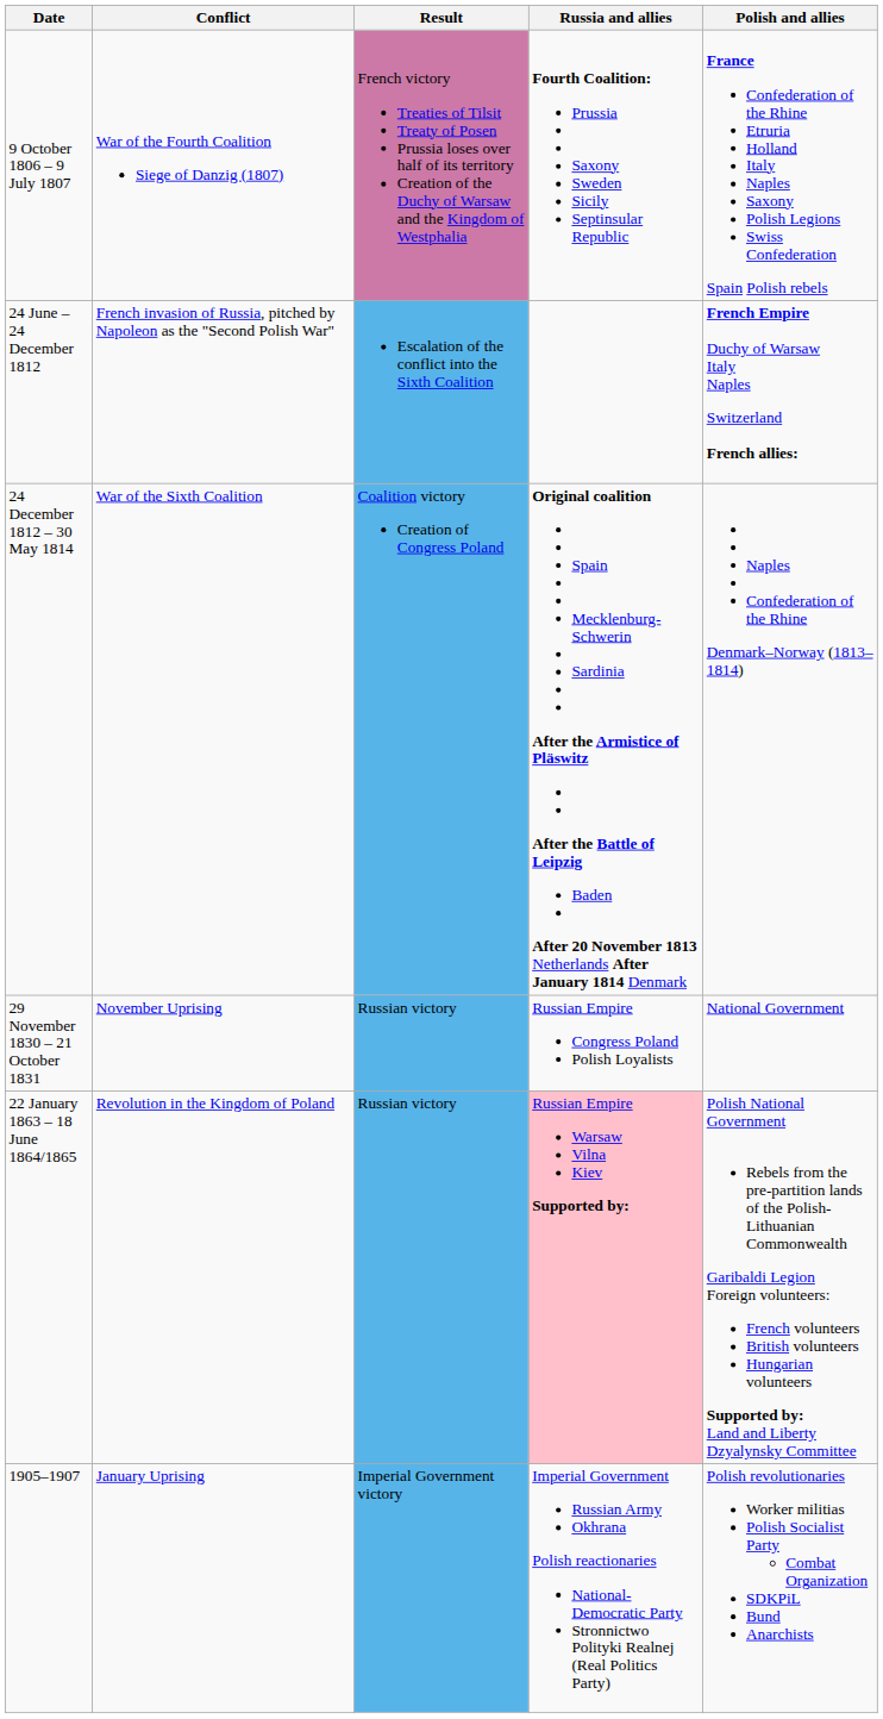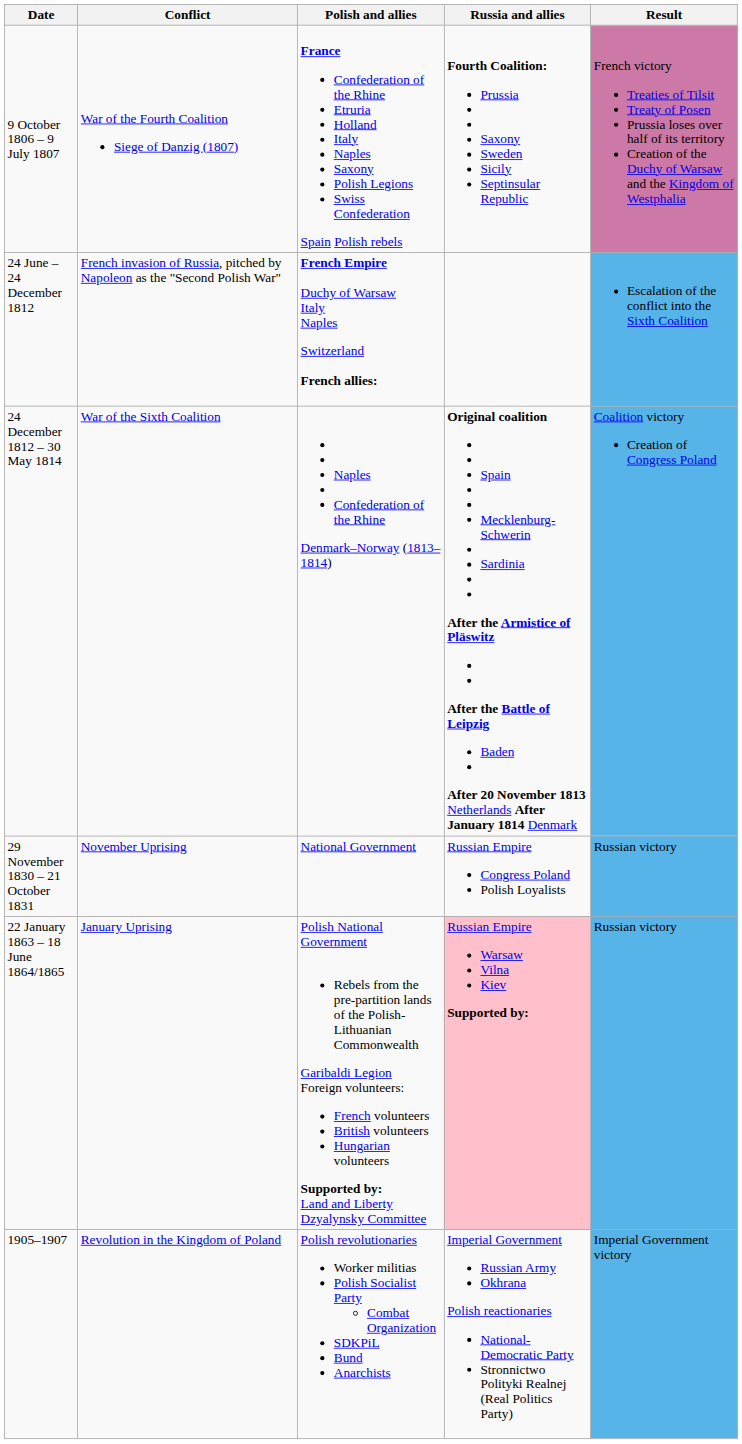 <table class="wikitable sortable" width="100%">
 <tr>
 <th width="10%">Date</th>
 <th width="30%">Conflict</th>
+<th width="20%">Polish and allies</th>
+<th width="20%">Russia and allies</th>
 <th width="20%">Result</th>
-<th width="20%">Russia and allies</th>
-<th width="20%">Polish and allies</th>
 </tr>
 <tr>
 <td>9 October 1806 – 9 July 1807</td>
 <td><a href='#'>War of the Fourth Coalition</a><br><ul><li><a href='#'>Siege of Danzig (1807)</a></li></ul></td>
+<td><br> <strong><a href='#'>France</a></strong><ul><li><a href='#'>Confederation of the Rhine</a></li><li> <a href='#'>Etruria</a></li><li> <a href='#'>Holland</a></li><li> <a href='#'>Italy</a></li><li> <a href='#'>Naples</a></li><li> <a href='#'>Saxony</a> <br></li><li> <a href='#'>Polish Legions</a></li><li> <a href='#'>Swiss Confederation</a></li></ul> <a href='#'>Spain</a> <a href='#'>Polish rebels</a></td>
+<td><strong>Fourth Coalition:</strong><br><ul><li> <a href='#'>Prussia</a></li><li></li><li></li><li> <a href='#'>Saxony</a><br></li><li> <a href='#'>Sweden</a></li><li> <a href='#'>Sicily</a></li><li><a href='#'>Septinsular Republic</a><br></li></ul></td>
 <td bgcolor="#CC79A7">French victory<br><ul><li><a href='#'>Treaties of Tilsit</a></li><li><a href='#'>Treaty of Posen</a></li><li>Prussia loses over half of its territory</li><li>Creation of the <a href='#'>Duchy of Warsaw</a> and the <a href='#'>Kingdom of Westphalia</a></li></ul></td>
-<td><strong>Fourth Coalition:</strong><br><ul><li> <a href='#'>Prussia</a></li><li></li><li></li><li> <a href='#'>Saxony</a><br></li><li> <a href='#'>Sweden</a></li><li> <a href='#'>Sicily</a></li><li><a href='#'>Septinsular Republic</a><br></li></ul></td>
-<td><br> <strong><a href='#'>France</a></strong><ul><li><a href='#'>Confederation of the Rhine</a></li><li> <a href='#'>Etruria</a></li><li> <a href='#'>Holland</a></li><li> <a href='#'>Italy</a></li><li> <a href='#'>Naples</a></li><li> <a href='#'>Saxony</a> <br></li><li> <a href='#'>Polish Legions</a></li><li> <a href='#'>Swiss Confederation</a></li></ul> <a href='#'>Spain</a> <a href='#'>Polish rebels</a></td>
 </tr>
 <tr valign="top">
 <td>24 June – 24 December 1812</td>
 <td><a href='#'>French invasion of Russia</a>, pitched by <a href='#'>Napoleon</a> as the "Second Polish War"</td>
+<td> <strong><a href='#'>French Empire</a></strong><br><br> <a href='#'>Duchy of Warsaw</a><br>  <a href='#'>Italy</a><br>  <a href='#'>Naples</a><br> </p>  <a href='#'>Switzerland</a> <br>  <br> <strong>French allies:</strong><br><br></td>
+<td> <br> </td>
 <td bgcolor="#56B4E9"><br><ul><li>Escalation of the conflict into the <a href='#'>Sixth Coalition</a></li></ul></td>
-<td> <br> </td>
-<td> <strong><a href='#'>French Empire</a></strong><br><br> <a href='#'>Duchy of Warsaw</a><br>  <a href='#'>Italy</a><br>  <a href='#'>Naples</a><br> </p>  <a href='#'>Switzerland</a> <br>  <br> <strong>French allies:</strong><br><br></td>
 </tr>
 <tr valign="top">
 <td>24 December 1812 – 30 May 1814</td>
 <td><a href='#'>War of the Sixth Coalition</a></td>
+<td><br><ul><li></li><li></li><li> <a href='#'>Naples</a></li><li></li><li><a href='#'>Confederation of the Rhine</a></li></ul> <a href='#'>Denmark–Norway</a> (<a href='#'>1813–1814</a>)</td>
+<td><strong>Original coalition</strong> <br><ul><li></li><li></li><li> <a href='#'>Spain</a></li><li></li><li></li><li> <a href='#'>Mecklenburg-Schwerin</a></li><li></li><li> <a href='#'>Sardinia</a></li><li></li><li></li></ul> <strong>After the <a href='#'>Armistice of Pläswitz</a></strong> <ul><li></li><li></li></ul> <strong>After the <a href='#'>Battle of Leipzig</a></strong> <ul><li> <a href='#'>Baden</a></li><li></li></ul> <strong>After 20 November 1813</strong>   <a href='#'>Netherlands</a>  <strong>After January 1814</strong>   <a href='#'>Denmark</a> </td>
 <td bgcolor="#56B4E9"><a href='#'>Coalition</a> victory<br><ul><li>Creation of <a href='#'>Congress Poland</a></li></ul></td>
-<td><strong>Original coalition</strong> <br><ul><li></li><li></li><li> <a href='#'>Spain</a></li><li></li><li></li><li> <a href='#'>Mecklenburg-Schwerin</a></li><li></li><li> <a href='#'>Sardinia</a></li><li></li><li></li></ul> <strong>After the <a href='#'>Armistice of Pläswitz</a></strong> <ul><li></li><li></li></ul> <strong>After the <a href='#'>Battle of Leipzig</a></strong> <ul><li> <a href='#'>Baden</a></li><li></li></ul> <strong>After 20 November 1813</strong>   <a href='#'>Netherlands</a>  <strong>After January 1814</strong>   <a href='#'>Denmark</a> </td>
-<td><br><ul><li></li><li></li><li> <a href='#'>Naples</a></li><li></li><li><a href='#'>Confederation of the Rhine</a></li></ul> <a href='#'>Denmark–Norway</a> (<a href='#'>1813–1814</a>)</td>
 </tr>
 <tr valign="top">
 <td>29 November 1830 – 21 October 1831</td>
 <td><a href='#'>November Uprising</a></td>
+<td> <a href='#'>National Government</a></td>
+<td> <a href='#'>Russian Empire</a><br><ul><li> <a href='#'>Congress Poland</a></li><li> Polish Loyalists</li></ul></td>
 <td bgcolor="#56B4E9">Russian victory</td>
-<td> <a href='#'>Russian Empire</a><br><ul><li> <a href='#'>Congress Poland</a></li><li> Polish Loyalists</li></ul></td>
-<td> <a href='#'>National Government</a></td>
 </tr>
 <tr valign="top">
 <td>22 January 1863 – 18 June 1864/1865</td>
-<td><a href='#'>Revolution in the Kingdom of Poland</a></td>
+<td><a href='#'>January Uprising</a></td>
+<td> <a href='#'>Polish National Government</a><br><br><ul><li>Rebels from the pre-partition lands of the Polish-Lithuanian Commonwealth</li></ul> <a href='#'>Garibaldi Legion</a><br>Foreign volunteers:<br><ul><li> <a href='#'>French</a> volunteers</li><li> <a href='#'>British</a> volunteers</li><li> <a href='#'>Hungarian</a> volunteers</li></ul><strong>Supported by:</strong><br> <a href='#'>Land and Liberty</a><br> <a href='#'>Dzyalynsky Committee</a></td>
+<td style="background: pink;"> <a href='#'>Russian Empire</a><br><ul><li> <a href='#'>Warsaw</a></li><li> <a href='#'>Vilna</a></li><li> <a href='#'>Kiev</a></li></ul><strong>Supported by:</strong><br></td>
 <td bgcolor="#56B4E9">Russian victory</td>
-<td style="background: pink;"> <a href='#'>Russian Empire</a><br><ul><li> <a href='#'>Warsaw</a></li><li> <a href='#'>Vilna</a></li><li> <a href='#'>Kiev</a></li></ul><strong>Supported by:</strong><br></td>
-<td> <a href='#'>Polish National Government</a><br><br><ul><li>Rebels from the pre-partition lands of the Polish-Lithuanian Commonwealth</li></ul> <a href='#'>Garibaldi Legion</a><br>Foreign volunteers:<br><ul><li> <a href='#'>French</a> volunteers</li><li> <a href='#'>British</a> volunteers</li><li> <a href='#'>Hungarian</a> volunteers</li></ul><strong>Supported by:</strong><br> <a href='#'>Land and Liberty</a><br> <a href='#'>Dzyalynsky Committee</a></td>
 </tr>
 <tr valign="top">
 <td>1905–1907</td>
-<td><a href='#'>January Uprising</a></td>
+<td><a href='#'>Revolution in the Kingdom of Poland</a></td>
+<td> <a href='#'>Polish revolutionaries</a><br><ul><li>Worker militias</li><li><a href='#'>Polish Socialist Party</a><ul><li><a href='#'>Combat Organization</a></li></ul></li><li><a href='#'>SDKPiL</a></li><li><a href='#'>Bund</a></li><li><a href='#'>Anarchists</a></li></ul></td>
+<td> <a href='#'>Imperial Government</a><br><ul><li><a href='#'>Russian Army</a></li><li><a href='#'>Okhrana</a></li></ul><a href='#'>Polish reactionaries</a><ul><li><a href='#'>National-Democratic Party</a></li><li>Stronnictwo Polityki Realnej (Real Politics Party)</li></ul></td>
 <td bgcolor="#56B4E9">Imperial Government victory</td>
-<td> <a href='#'>Imperial Government</a><br><ul><li><a href='#'>Russian Army</a></li><li><a href='#'>Okhrana</a></li></ul><a href='#'>Polish reactionaries</a><ul><li><a href='#'>National-Democratic Party</a></li><li>Stronnictwo Polityki Realnej (Real Politics Party)</li></ul></td>
-<td> <a href='#'>Polish revolutionaries</a><br><ul><li>Worker militias</li><li><a href='#'>Polish Socialist Party</a><ul><li><a href='#'>Combat Organization</a></li></ul></li><li><a href='#'>SDKPiL</a></li><li><a href='#'>Bund</a></li><li><a href='#'>Anarchists</a></li></ul></td>
 </tr>
 </table>
